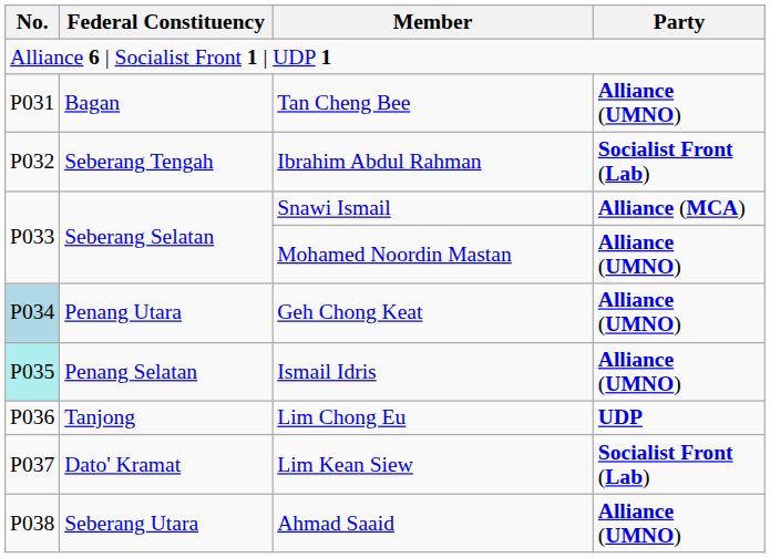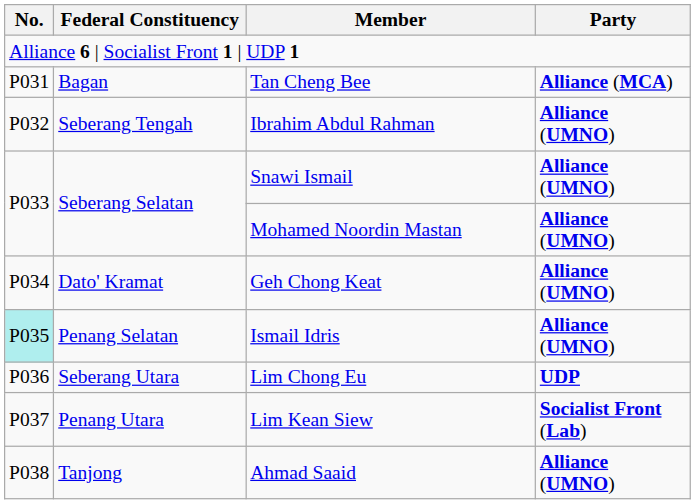 <table class="wikitable sortable">
 <tr>
 <th style="width:30px;">No.</th>
 <th style="width:150px;">Federal Constituency</th>
 <th style="width:230px;">Member</th>
 <th style="width:120px;">Party</th>
 </tr>
 <tr>
 <td colspan="4"><a href='#'>Alliance</a> <strong>6</strong> | <a href='#'>Socialist Front</a> <strong>1</strong> | <a href='#'>UDP</a> <strong>1</strong></td>
 </tr>
 <tr>
 <td>P031</td>
 <td><a href='#'>Bagan</a></td>
 <td><a href='#'>Tan Cheng Bee</a></td>
-<td><strong><a href='#'>Alliance</a></strong> (<strong><a href='#'>UMNO</a></strong>)</td>
+<td><strong><a href='#'>Alliance</a></strong> (<strong><a href='#'>MCA</a></strong>)</td>
 </tr>
 <tr>
 <td>P032</td>
 <td><a href='#'>Seberang Tengah</a></td>
 <td><a href='#'>Ibrahim Abdul Rahman</a></td>
-<td><strong><a href='#'>Socialist Front</a></strong> (<strong><a href='#'>Lab</a></strong>)</td>
+<td><strong><a href='#'>Alliance</a></strong> (<strong><a href='#'>UMNO</a></strong>)</td>
 </tr>
 <tr>
 <td rowspan=2>P033</td>
 <td rowspan=2><a href='#'>Seberang Selatan</a></td>
 <td><a href='#'>Snawi Ismail</a> </td>
-<td><strong><a href='#'>Alliance</a></strong> (<strong><a href='#'>MCA</a></strong>)</td>
+<td><strong><a href='#'>Alliance</a></strong> (<strong><a href='#'>UMNO</a></strong>)</td>
 </tr>
 <tr>
 <td><a href='#'>Mohamed Noordin Mastan</a> </td>
 <td><strong><a href='#'>Alliance</a></strong> (<strong><a href='#'>UMNO</a></strong>)</td>
 </tr>
 <tr>
-<td style="background: lightblue;">P034</td>
-<td><a href='#'>Penang Utara</a></td>
+<td>P034</td>
+<td><a href='#'>Dato' Kramat</a></td>
 <td><a href='#'>Geh Chong Keat</a></td>
 <td><strong><a href='#'>Alliance</a></strong> (<strong><a href='#'>UMNO</a></strong>)</td>
 </tr>
 <tr>
 <td style="background: paleturquoise;">P035</td>
 <td><a href='#'>Penang Selatan</a></td>
 <td><a href='#'>Ismail Idris</a></td>
 <td><strong><a href='#'>Alliance</a></strong> (<strong><a href='#'>UMNO</a></strong>)</td>
 </tr>
 <tr>
 <td>P036</td>
-<td><a href='#'>Tanjong</a></td>
+<td><a href='#'>Seberang Utara</a></td>
 <td><a href='#'>Lim Chong Eu</a></td>
 <td><strong><a href='#'>UDP</a></strong></td>
 </tr>
 <tr>
 <td>P037</td>
-<td><a href='#'>Dato' Kramat</a></td>
+<td><a href='#'>Penang Utara</a></td>
 <td><a href='#'>Lim Kean Siew</a> </td>
 <td><strong><a href='#'>Socialist Front</a></strong> (<strong><a href='#'>Lab</a></strong>)</td>
 </tr>
 <tr>
 <td>P038</td>
-<td><a href='#'>Seberang Utara</a></td>
+<td><a href='#'>Tanjong</a></td>
 <td><a href='#'>Ahmad Saaid</a></td>
 <td><strong><a href='#'>Alliance</a></strong> (<strong><a href='#'>UMNO</a></strong>)</td>
 </tr>
 </table>
